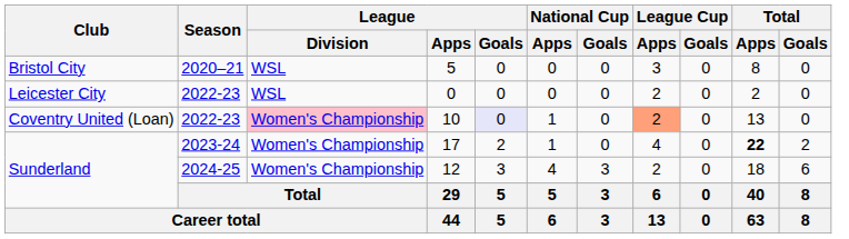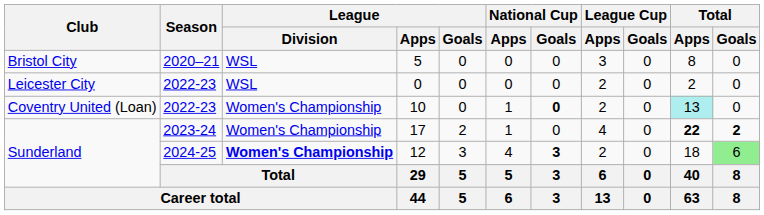 <table class="wikitable">
 <tr>
 <th rowspan="2">Club</th>
 <th rowspan="2">Season</th>
 <th colspan="3">League</th>
 <th colspan="2">National Cup</th>
 <th colspan="2">League Cup</th>
 <th colspan="2">Total</th>
 </tr>
 <tr>
 <th>Division</th>
 <th>Apps</th>
 <th>Goals</th>
 <th>Apps</th>
 <th>Goals</th>
 <th>Apps</th>
 <th>Goals</th>
 <th>Apps</th>
 <th>Goals</th>
 </tr>
 <tr>
 <td><a href='#'>Bristol City</a></td>
 <td><a href='#'>2020–21</a></td>
 <td><a href='#'>WSL</a></td>
 <td style="text-align: center;">5</td>
 <td style="text-align: center;">0</td>
 <td style="text-align: center;">0</td>
 <td style="text-align: center;">0</td>
 <td style="text-align: center;">3</td>
 <td style="text-align: center;">0</td>
 <td style="text-align: center;">8</td>
 <td style="text-align: center;">0</td>
 </tr>
 <tr>
 <td><a href='#'>Leicester City</a></td>
 <td><a href='#'>2022-23</a></td>
 <td><a href='#'>WSL</a></td>
 <td style="text-align: center;">0</td>
 <td style="text-align: center;">0</td>
 <td style="text-align: center;">0</td>
 <td style="text-align: center;">0</td>
 <td style="text-align: center;">2</td>
 <td style="text-align: center;">0</td>
 <td style="text-align: center;">2</td>
 <td style="text-align: center;">0</td>
 </tr>
 <tr>
 <td><a href='#'>Coventry United</a> (Loan)</td>
 <td><a href='#'>2022-23</a></td>
-<td style="background: pink;"><a href='#'>Women's Championship</a></td>
+<td><a href='#'>Women's Championship</a></td>
 <td style="text-align: center;">10</td>
-<td style="background: lavender; text-align: center;">0</td>
+<td style="text-align: center;">0</td>
 <td style="text-align: center;">1</td>
+<td style="text-align: center;"><strong>0</strong></td>
+<td style="text-align: center;">2</td>
 <td style="text-align: center;">0</td>
-<td style="background: lightsalmon; text-align: center;">2</td>
-<td style="text-align: center;">0</td>
-<td style="text-align: center;">13</td>
+<td style="background: paleturquoise; text-align: center;">13</td>
 <td style="text-align: center;">0</td>
 </tr>
 <tr>
 <td rowspan="3"><a href='#'>Sunderland</a></td>
 <td><a href='#'>2023-24</a></td>
 <td><a href='#'>Women's Championship</a></td>
 <td style="text-align: center;">17</td>
 <td style="text-align: center;">2</td>
 <td style="text-align: center;">1</td>
 <td style="text-align: center;">0</td>
 <td style="text-align: center;">4</td>
 <td style="text-align: center;">0</td>
 <td style="text-align: center;"><strong>22</strong></td>
-<td style="text-align: center;">2</td>
+<td style="text-align: center;"><strong>2</strong></td>
 </tr>
 <tr>
 <td><a href='#'>2024-25</a></td>
-<td><a href='#'>Women's Championship</a></td>
+<td><strong><a href='#'>Women's Championship</a></strong></td>
 <td style="text-align: center;">12</td>
 <td style="text-align: center;">3</td>
 <td style="text-align: center;">4</td>
-<td style="text-align: center;">3</td>
+<td style="text-align: center;"><strong>3</strong></td>
 <td style="text-align: center;">2</td>
 <td style="text-align: center;">0</td>
 <td style="text-align: center;">18</td>
-<td style="text-align: center;">6</td>
+<td style="background: lightgreen; text-align: center;">6</td>
 </tr>
 <tr>
 <th colspan="2">Total</th>
 <th>29</th>
 <th>5</th>
 <th>5</th>
 <th>3</th>
 <th>6</th>
 <th>0</th>
 <th>40</th>
 <th>8</th>
 </tr>
 <tr>
 <th colspan="3">Career total</th>
 <th>44</th>
 <th>5</th>
 <th>6</th>
 <th>3</th>
 <th>13</th>
 <th>0</th>
 <th>63</th>
 <th>8</th>
 </tr>
 </table>
